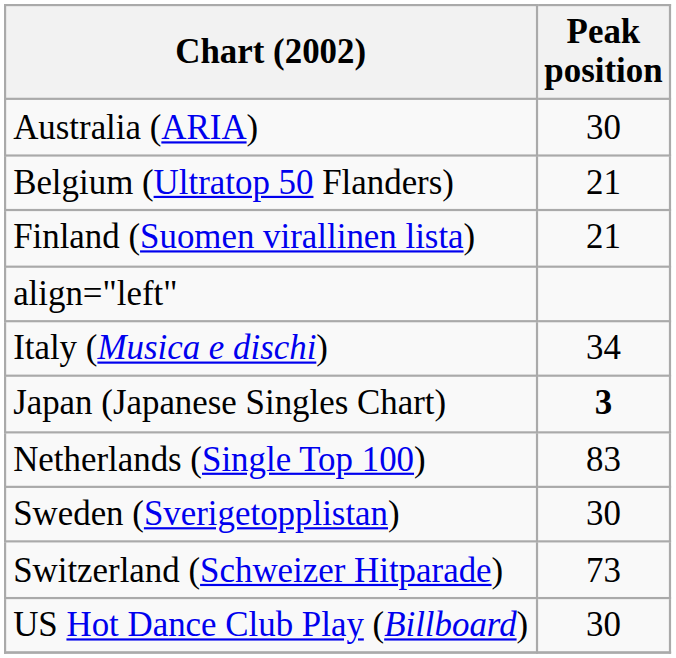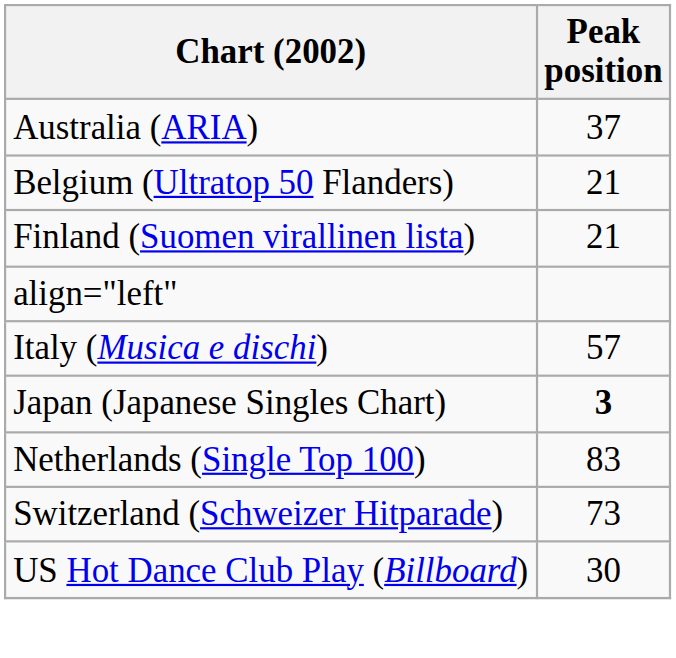 <table class="wikitable">
 <tr>
 <th align="left">Chart (2002)</th>
 <th style="text-align:center;">Peak<br>position</th>
 </tr>
 <tr>
 <td align="left">Australia (<a href='#'>ARIA</a>)</td>
-<td style="text-align:center;">30</td>
+<td style="text-align:center;">37</td>
 </tr>
 <tr>
 <td align="left">Belgium (<a href='#'>Ultratop 50</a> Flanders)</td>
 <td style="text-align:center;">21</td>
 </tr>
 <tr>
 <td align="left">Finland (<a href='#'>Suomen virallinen lista</a>)</td>
 <td style="text-align:center;">21</td>
 </tr>
 <tr>
 <td>align="left"</td>
 </tr>
 <tr>
 <td align="left">Italy (<em><a href='#'>Musica e dischi</a></em>)</td>
-<td style="text-align:center;">34</td>
+<td style="text-align:center;">57</td>
 </tr>
 <tr>
 <td align="left">Japan (Japanese Singles Chart)</td>
 <td style="text-align:center;"><strong>3</strong></td>
 </tr>
 <tr>
 <td align="left">Netherlands (<a href='#'>Single Top 100</a>)</td>
 <td style="text-align:center;">83</td>
-</tr>
-<tr>
-<td align="left">Sweden (<a href='#'>Sverigetopplistan</a>)</td>
-<td style="text-align:center;">30</td>
 </tr>
 <tr>
 <td align="left">Switzerland (<a href='#'>Schweizer Hitparade</a>)</td>
 <td style="text-align:center;">73</td>
 </tr>
 <tr>
 <td align="left">US <a href='#'>Hot Dance Club Play</a> (<em><a href='#'>Billboard</a></em>)</td>
 <td style="text-align:center;">30</td>
 </tr>
 <tr>
 </tr>
 </table>
